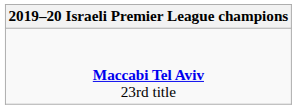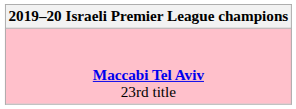 <table class=wikitable style="text-align:center; margin:auto">
 <tr>
 <th>2019–20 Israeli Premier League champions</th>
 </tr>
 <tr>
-<td><br><br> <strong><a href='#'>Maccabi Tel Aviv</a></strong><br>23rd title</td>
+<td style="background: pink;"><br><br> <strong><a href='#'>Maccabi Tel Aviv</a></strong><br>23rd title</td>
 </tr>
 </table>
